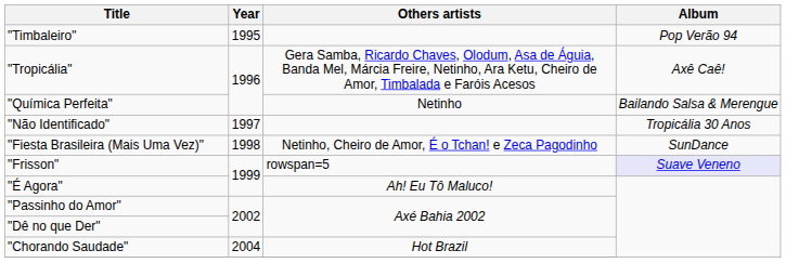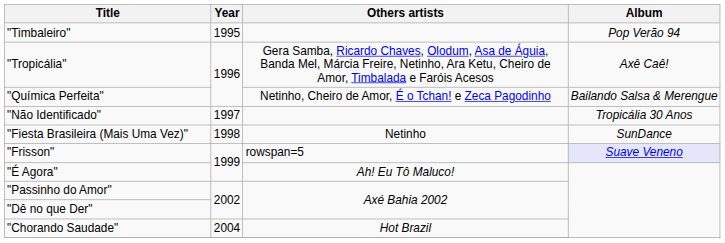 <table class="wikitable">
 <tr>
 <th style="width:17em;">Title</th>
 <th>Year</th>
 <th style="width:27em;">Others artists</th>
 <th>Album</th>
 </tr>
 <tr>
 <td>"Timbaleiro"</td>
 <td>1995</td>
 <td></td>
 <td align="center"><em>Pop Verão 94</em></td>
 </tr>
 <tr>
 <td>"Tropicália"</td>
 <td rowspan=2>1996</td>
 <td align="center">Gera Samba, <a href='#'>Ricardo Chaves</a>, <a href='#'>Olodum</a>, <a href='#'>Asa de Águia</a>, Banda Mel, Márcia Freire, Netinho, Ara Ketu, Cheiro de Amor, <a href='#'>Timbalada</a> e Faróis Acesos</td>
 <td align="center"><em>Axê Caê!</em></td>
 </tr>
 <tr>
 <td>"Química Perfeita"</td>
-<td align="center">Netinho</td>
+<td align="center">Netinho, Cheiro de Amor, <a href='#'>É o Tchan!</a> e <a href='#'>Zeca Pagodinho</a></td>
 <td align="center"><em>Bailando Salsa & Merengue</em></td>
 </tr>
 <tr>
 <td>"Não Identificado"</td>
 <td>1997</td>
 <td></td>
 <td align="center"><em>Tropicália 30 Anos</em></td>
 </tr>
 <tr>
 <td>"Fiesta Brasileira (Mais Uma Vez)"</td>
 <td>1998</td>
-<td align="center">Netinho, Cheiro de Amor, <a href='#'>É o Tchan!</a> e <a href='#'>Zeca Pagodinho</a></td>
+<td align="center">Netinho</td>
 <td align="center"><em>SunDance</em></td>
 </tr>
 <tr>
 <td>"Frisson"</td>
 <td rowspan=2>1999</td>
 <td>rowspan=5 </td>
 <td align="center" style="background: lavender;"><em><a href='#'>Suave Veneno</a></em></td>
 </tr>
 <tr>
 <td>"É Agora"</td>
 <td align="center"><em>Ah! Eu Tô Maluco!</em></td>
 </tr>
 <tr>
 <td>"Passinho do Amor"</td>
 <td rowspan=2>2002</td>
 <td rowspan=2 align="center"><em>Axé Bahia 2002</em></td>
 </tr>
 <tr>
 <td>"Dê no que Der"</td>
 </tr>
 <tr>
 <td>"Chorando Saudade"</td>
 <td>2004</td>
 <td align="center"><em>Hot Brazil</em></td>
 </tr>
 <tr>
 </tr>
 </table>
